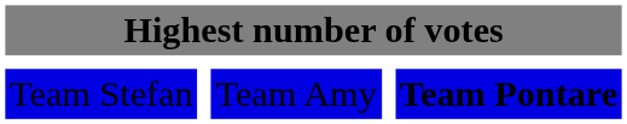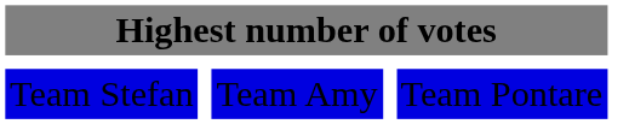 <table cellpadding=2 cellspacing=6>
 <tr bgcolor=#808080>
 <td colspan="3" align="center"><strong>Highest number of votes</strong></td>
 </tr>
 <tr>
 <td bgcolor="#lightgreen">Team Stefan</td>
 <td bgcolor="#lightgreen">Team Amy</td>
-<td bgcolor="#lightgreen"><strong>Team Pontare</strong></td>
+<td bgcolor="#lightgreen">Team Pontare</td>
 </tr>
 </table>
